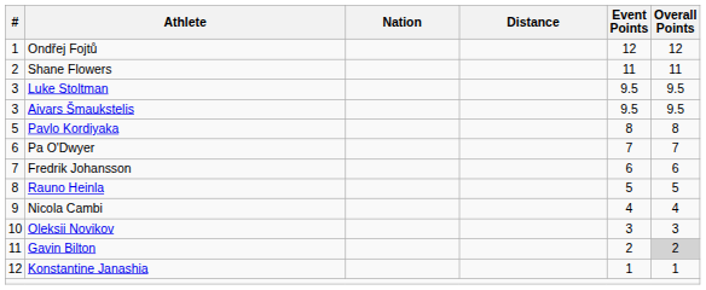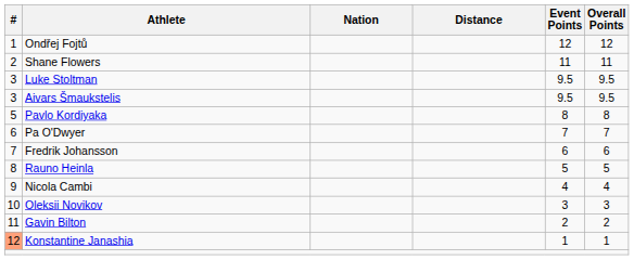 <table class="wikitable sortable" style="text-align:center;width: 70%;">
 <tr>
 <th scope="col" style="width: 10px;">#</th>
 <th scope="col">Athlete</th>
 <th scope="col">Nation</th>
 <th scope="col">Distance</th>
 <th scope="col" style="width: 10px;">Event Points</th>
 <th scope="col" style="width: 10px;">Overall Points</th>
 </tr>
 <tr>
 <td>1</td>
 <td align=left>Ondřej Fojtů</td>
 <td align=left></td>
 <td></td>
 <td>12</td>
 <td>12</td>
 </tr>
 <tr>
 <td>2</td>
 <td align=left>Shane Flowers</td>
 <td align=left></td>
 <td></td>
 <td>11</td>
 <td>11</td>
 </tr>
 <tr>
 <td>3</td>
 <td align=left><a href='#'>Luke Stoltman</a></td>
 <td align=left></td>
 <td></td>
 <td>9.5</td>
 <td>9.5</td>
 </tr>
 <tr>
 <td>3</td>
 <td align=left><a href='#'>Aivars Šmaukstelis</a></td>
 <td align=left></td>
 <td></td>
 <td>9.5</td>
 <td>9.5</td>
 </tr>
 <tr>
 <td>5</td>
 <td align=left><a href='#'>Pavlo Kordiyaka</a></td>
 <td align=left></td>
 <td></td>
 <td>8</td>
 <td>8</td>
 </tr>
 <tr>
 <td>6</td>
 <td align=left>Pa O'Dwyer</td>
 <td align=left></td>
 <td></td>
 <td>7</td>
 <td>7</td>
 </tr>
 <tr>
 <td>7</td>
 <td align=left>Fredrik Johansson</td>
 <td align=left></td>
 <td></td>
 <td>6</td>
 <td>6</td>
 </tr>
 <tr>
 <td>8</td>
 <td align=left><a href='#'>Rauno Heinla</a></td>
 <td align=left></td>
 <td></td>
 <td>5</td>
 <td>5</td>
 </tr>
 <tr>
 <td>9</td>
 <td align=left>Nicola Cambi</td>
 <td align=left></td>
 <td></td>
 <td>4</td>
 <td>4</td>
 </tr>
 <tr>
 <td>10</td>
 <td align=left><a href='#'>Oleksii Novikov</a></td>
 <td align=left></td>
 <td></td>
 <td>3</td>
 <td>3</td>
 </tr>
 <tr>
 <td>11</td>
 <td align=left><a href='#'>Gavin Bilton</a></td>
 <td align=left></td>
 <td></td>
 <td>2</td>
-<td style="background: lightgrey;">2</td>
+<td>2</td>
 </tr>
 <tr>
-<td>12</td>
+<td style="background: lightsalmon;">12</td>
 <td align=left><a href='#'>Konstantine Janashia</a></td>
 <td align=left></td>
 <td></td>
 <td>1</td>
 <td>1</td>
 </tr>
 <tr class="sortbottom">
 <td colspan="6"></td>
 </tr>
 </table>
